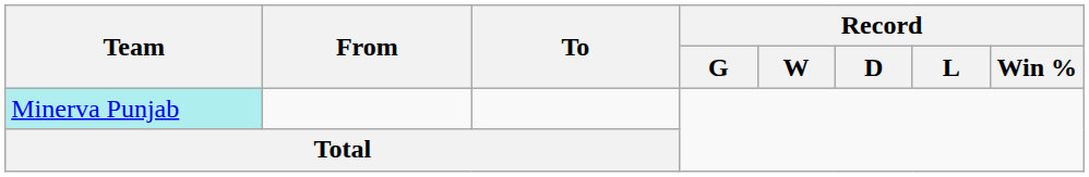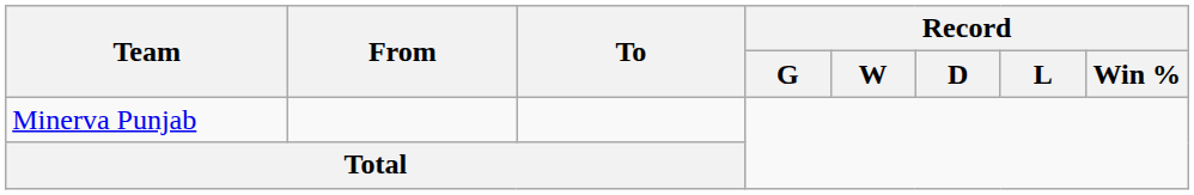 <table class="wikitable" style="text-align: center">
 <tr>
 <th rowspan=2! width=150>Team</th>
 <th rowspan=2! width=120>From</th>
 <th rowspan=2! width=120>To</th>
 <th colspan=7>Record</th>
 </tr>
 <tr>
 <th width=40>G</th>
 <th width=40>W</th>
 <th width=40>D</th>
 <th width=40>L</th>
 <th width=50>Win %</th>
 </tr>
 <tr>
-<td align=left style="background: paleturquoise;"> <a href='#'>Minerva Punjab</a></td>
+<td align=left> <a href='#'>Minerva Punjab</a></td>
 <td align=left></td>
 <td align=left><br></td>
 </tr>
 <tr>
 <th colspan="3">Total<br></th>
 </tr>
 </table>
